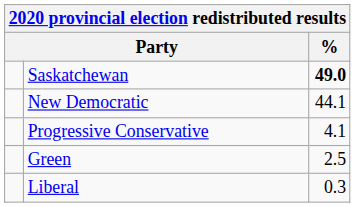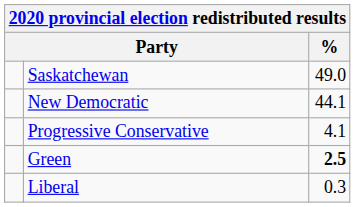 <table class="wikitable">
 <tr>
 <th colspan="4"><a href='#'>2020 provincial election</a> redistributed results</th>
 </tr>
 <tr>
 <th bgcolor="#DDDDFF" width="130px" colspan="2">Party</th>
 <th bgcolor="#DDDDFF" width="30px">%</th>
 </tr>
 <tr>
 <td> </td>
 <td><a href='#'>Saskatchewan</a></td>
-<td align=right><strong>49.0</strong></td>
+<td align=right>49.0</td>
 </tr>
 <tr>
 <td> </td>
 <td><a href='#'>New Democratic</a></td>
 <td align=right>44.1</td>
 </tr>
 <tr>
 <td> </td>
 <td><a href='#'>Progressive Conservative</a></td>
 <td align=right>4.1</td>
 </tr>
 <tr>
 <td> </td>
 <td><a href='#'>Green</a></td>
-<td align=right>2.5</td>
+<td align=right><strong>2.5</strong></td>
 </tr>
 <tr>
 <td> </td>
 <td><a href='#'>Liberal</a></td>
 <td align=right>0.3</td>
 </tr>
 </table>
